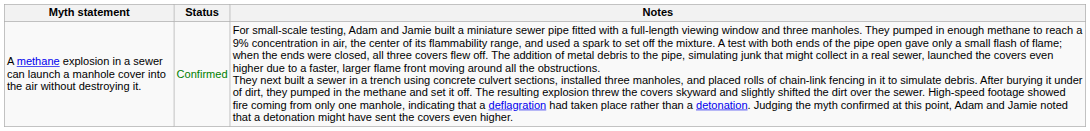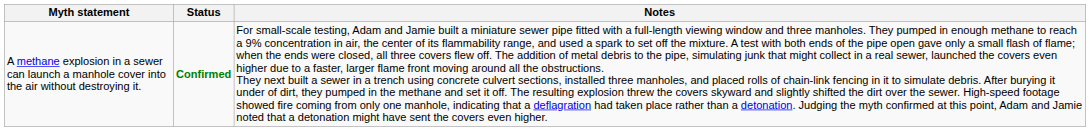 <table class="wikitable plainrowheaders">
 <tr>
 <th>Myth statement</th>
 <th>Status</th>
 <th>Notes</th>
 </tr>
 <tr>
 <td>A <a href='#'>methane</a> explosion in a sewer can launch a manhole cover into the air without destroying it.</td>
-<td style="color:green">Confirmed</td>
+<td style="color:green"><strong>Confirmed</strong></td>
 <td>For small-scale testing, Adam and Jamie built a miniature sewer pipe fitted with a full-length viewing window and three manholes. They pumped in enough methane to reach a 9% concentration in air, the center of its flammability range, and used a spark to set off the mixture. A test with both ends of the pipe open gave only a small flash of flame; when the ends were closed, all three covers flew off. The addition of metal debris to the pipe, simulating junk that might collect in a real sewer, launched the covers even higher due to a faster, larger flame front moving around all the obstructions.<br>They next built a  sewer in a trench using concrete culvert sections, installed three manholes, and placed rolls of chain-link fencing in it to simulate debris. After burying it under  of dirt, they pumped in the methane and set it off. The resulting explosion threw the covers  skyward and slightly shifted the dirt over the sewer. High-speed footage showed fire coming from only one manhole, indicating that a <a href='#'>deflagration</a> had taken place rather than a <a href='#'>detonation</a>. Judging the myth confirmed at this point, Adam and Jamie noted that a detonation might have sent the covers even higher.</td>
 </tr>
 </table>
